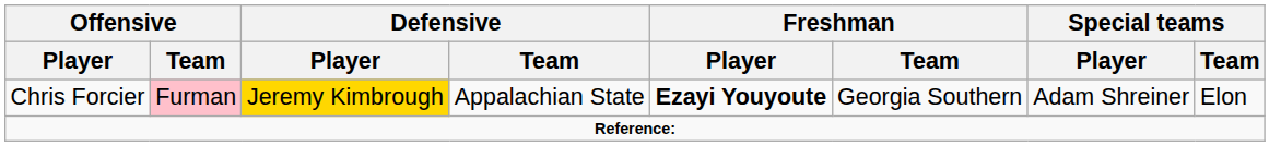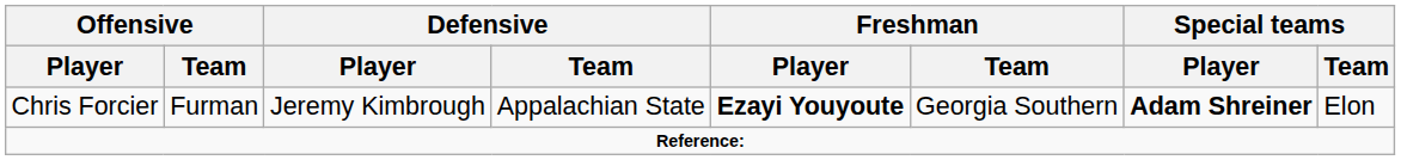 <table class="wikitable" border="1">
 <tr>
 <th colspan="2">Offensive</th>
 <th colspan="2">Defensive</th>
 <th colspan="2">Freshman</th>
 <th colspan="2">Special teams</th>
 </tr>
 <tr>
 <th>Player</th>
 <th>Team</th>
 <th>Player</th>
 <th>Team</th>
 <th>Player</th>
 <th>Team</th>
 <th>Player</th>
 <th>Team</th>
 </tr>
 <tr>
 <td>Chris Forcier</td>
-<td style="background: pink;">Furman</td>
-<td style="background: gold;">Jeremy Kimbrough</td>
+<td>Furman</td>
+<td>Jeremy Kimbrough</td>
 <td>Appalachian State</td>
 <td><strong>Ezayi Youyoute</strong></td>
 <td>Georgia Southern</td>
-<td>Adam Shreiner</td>
+<td><strong>Adam Shreiner</strong></td>
 <td>Elon</td>
 </tr>
 <tr>
 <td colspan="8" style="font-size: 8pt" align="center"><strong>Reference:</strong></td>
 </tr>
 </table>
